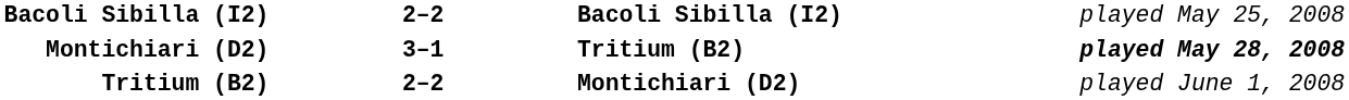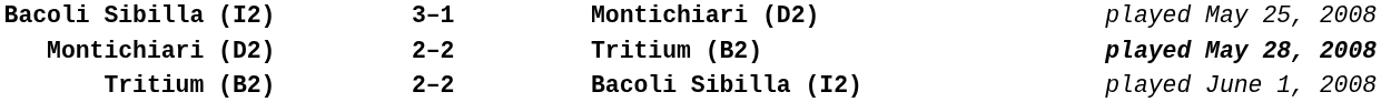 <table style="width:100%;" cellspacing="1">
 <tr>
 <th style="width:20%;"></th>
 <th style="width:12%;"></th>
 <th style="width:20%;"></th>
 <th width="20%'"></th>
 <th></th>
 </tr>
 <tr style="font-size:90%;">
 <td align="right"><strong>Bacoli Sibilla  (I2)</strong></td>
-<td style="text-align:center;"><strong>2–2</strong></td>
-<td align="left"><strong>Bacoli Sibilla  (I2)</strong></td>
+<td style="text-align:center;"><strong>3–1</strong></td>
+<td align="left"><strong>Montichiari (D2)</strong></td>
 <td align="left"><em>played May 25, 2008</em></td>
 </tr>
 <tr style="font-size:90%;">
 <td align="right"><strong>Montichiari (D2)</strong></td>
-<td style="text-align:center;"><strong>3–1</strong></td>
+<td style="text-align:center;"><strong>2–2</strong></td>
 <td align="left"><strong>Tritium (B2)</strong></td>
 <td align="left"><strong><em>played May 28, 2008</em></strong></td>
 </tr>
 <tr style="font-size:90%;">
 <td align="right"><strong>Tritium (B2)</strong></td>
 <td style="text-align:center;"><strong>2–2</strong></td>
-<td align="left"><strong>Montichiari (D2)</strong></td>
+<td align="left"><strong>Bacoli Sibilla  (I2)</strong></td>
 <td align="left"><em>played June 1, 2008</em></td>
 </tr>
 </table>
